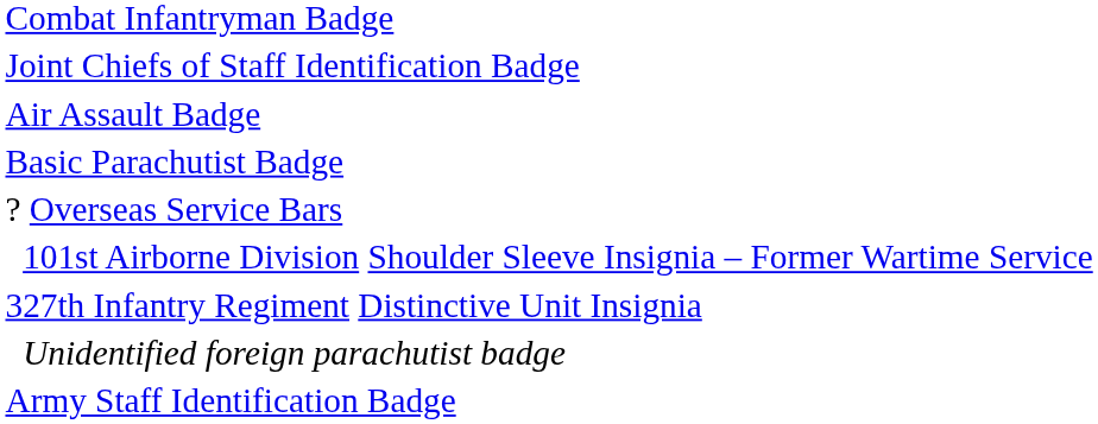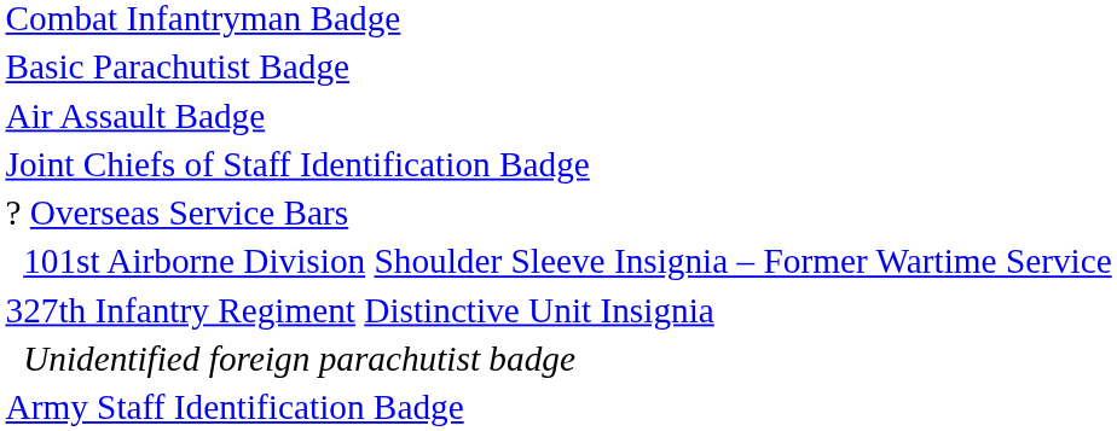 <table>
 <tr>
 <td> <a href='#'>Combat Infantryman Badge</a></td>
 </tr>
 <tr>
-<td> <a href='#'>Joint Chiefs of Staff Identification Badge</a></td>
+<td> <a href='#'>Basic Parachutist Badge</a></td>
 </tr>
 <tr>
 <td> <a href='#'>Air Assault Badge</a></td>
 </tr>
 <tr>
-<td> <a href='#'>Basic Parachutist Badge</a></td>
+<td> <a href='#'>Joint Chiefs of Staff Identification Badge</a></td>
 </tr>
 <tr>
 <td> ? <a href='#'>Overseas Service Bars</a></td>
 </tr>
 <tr>
 <td>  <a href='#'>101st Airborne Division</a> <a href='#'>Shoulder Sleeve Insignia – Former Wartime Service</a></td>
 </tr>
 <tr>
 <td> <a href='#'>327th Infantry Regiment</a> <a href='#'>Distinctive Unit Insignia</a></td>
 </tr>
 <tr>
 <td>  <em>Unidentified foreign parachutist badge</em></td>
 </tr>
 <tr>
 <td> <a href='#'>Army Staff Identification Badge</a></td>
 </tr>
 </table>
